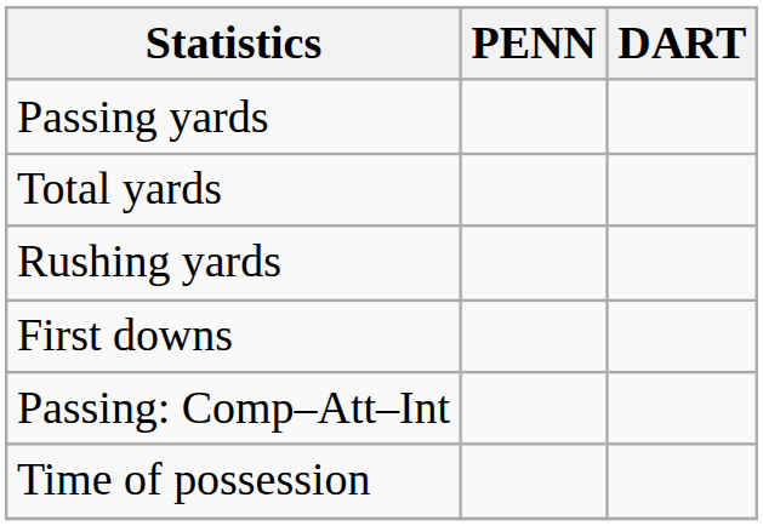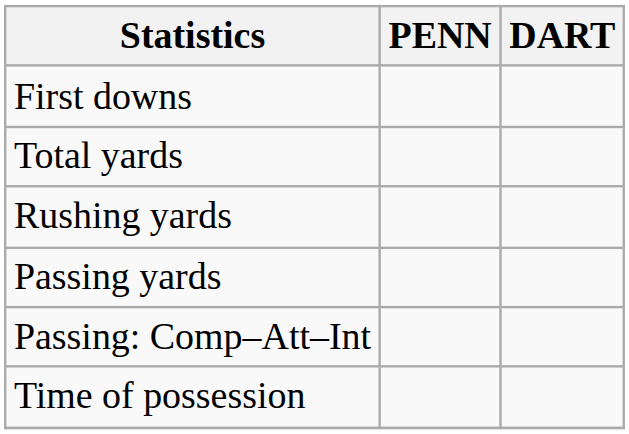 <table class="wikitable" style="float: left;">
 <tr>
 <th>Statistics</th>
 <th>PENN</th>
 <th>DART</th>
 </tr>
 <tr>
-<td>Passing yards</td>
+<td>First downs</td>
 <td></td>
 <td></td>
 </tr>
 <tr>
 <td>Total yards</td>
 <td></td>
 <td></td>
 </tr>
 <tr>
 <td>Rushing yards</td>
 <td></td>
 <td></td>
 </tr>
 <tr>
-<td>First downs</td>
+<td>Passing yards</td>
 <td></td>
 <td></td>
 </tr>
 <tr>
 <td>Passing: Comp–Att–Int</td>
 <td></td>
 <td></td>
 </tr>
 <tr>
 <td>Time of possession</td>
 <td></td>
 <td></td>
 </tr>
 <tr>
 </tr>
 </table>
